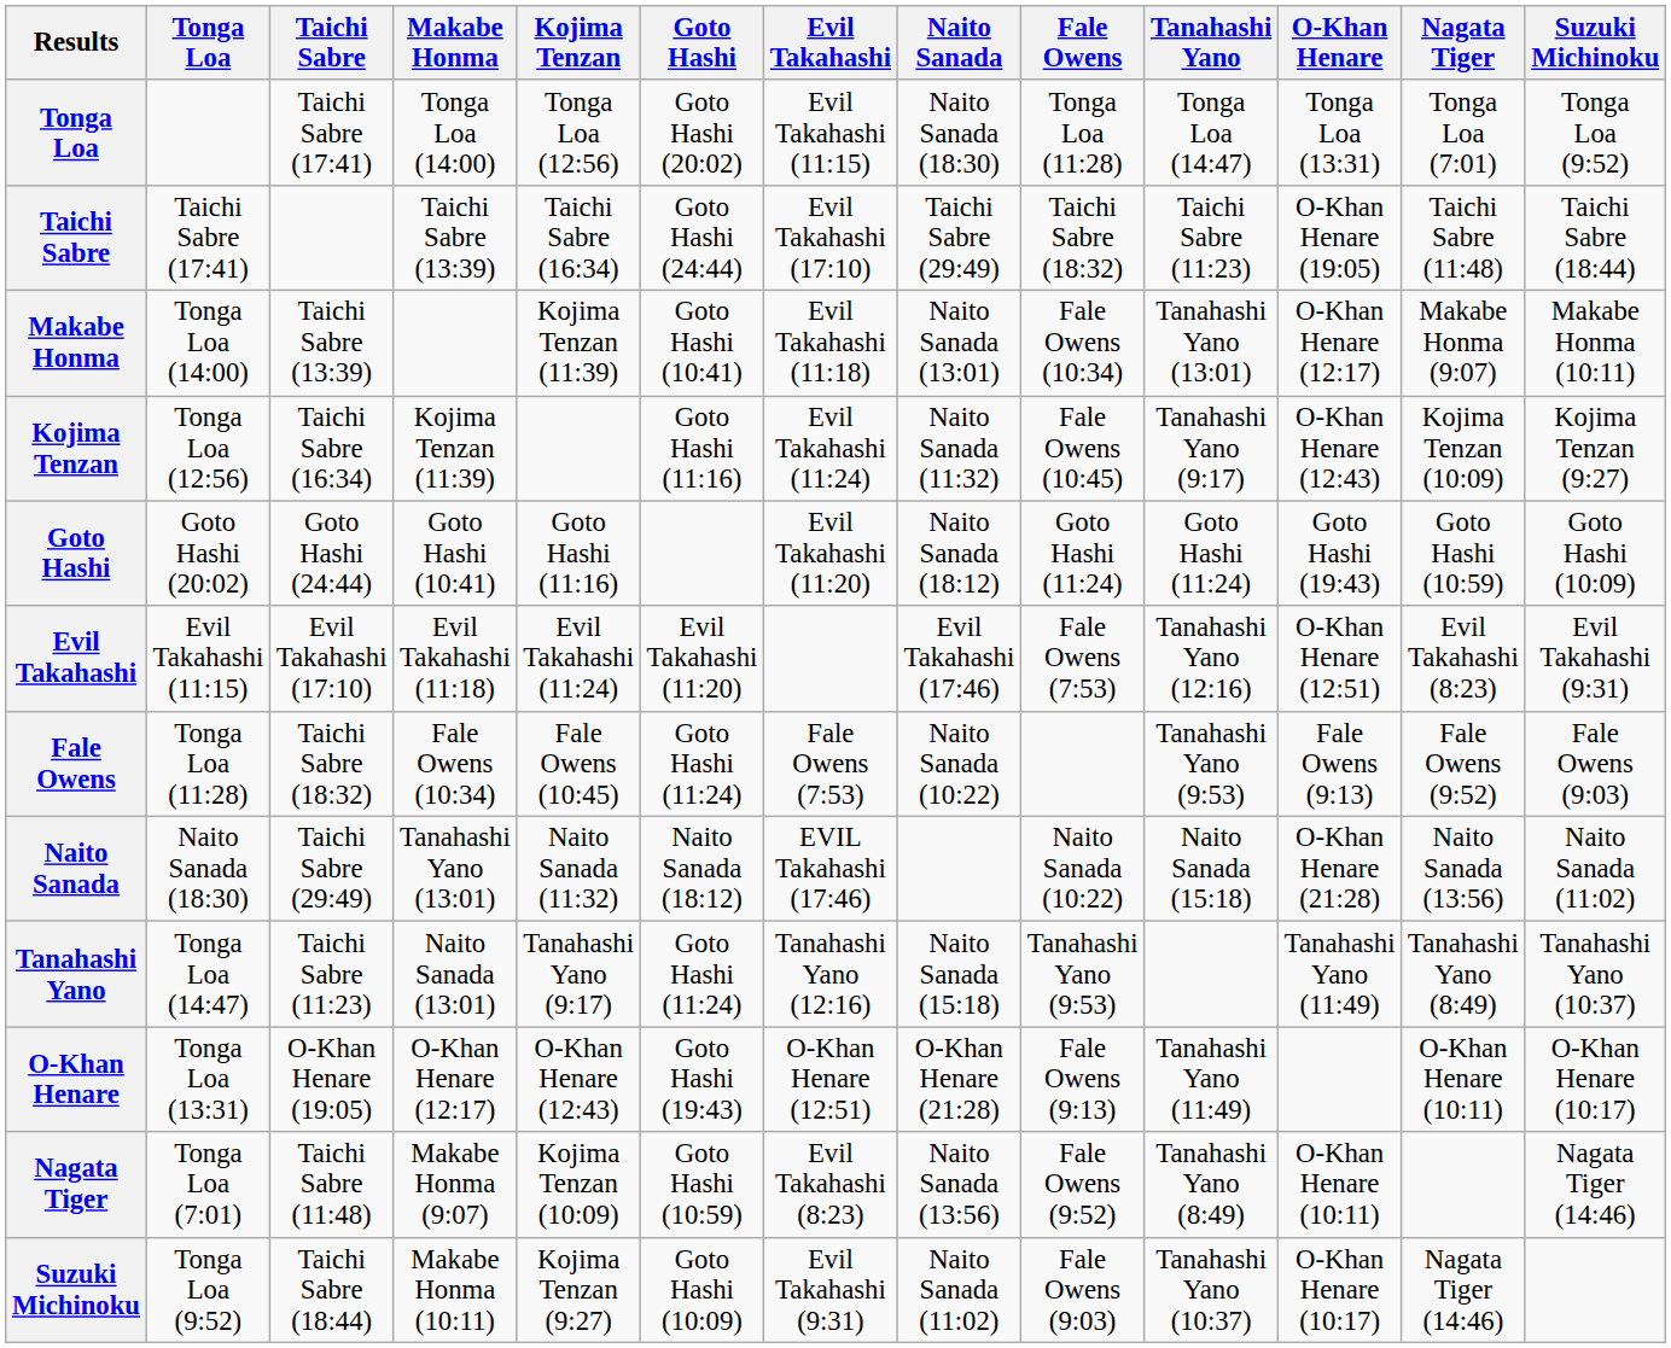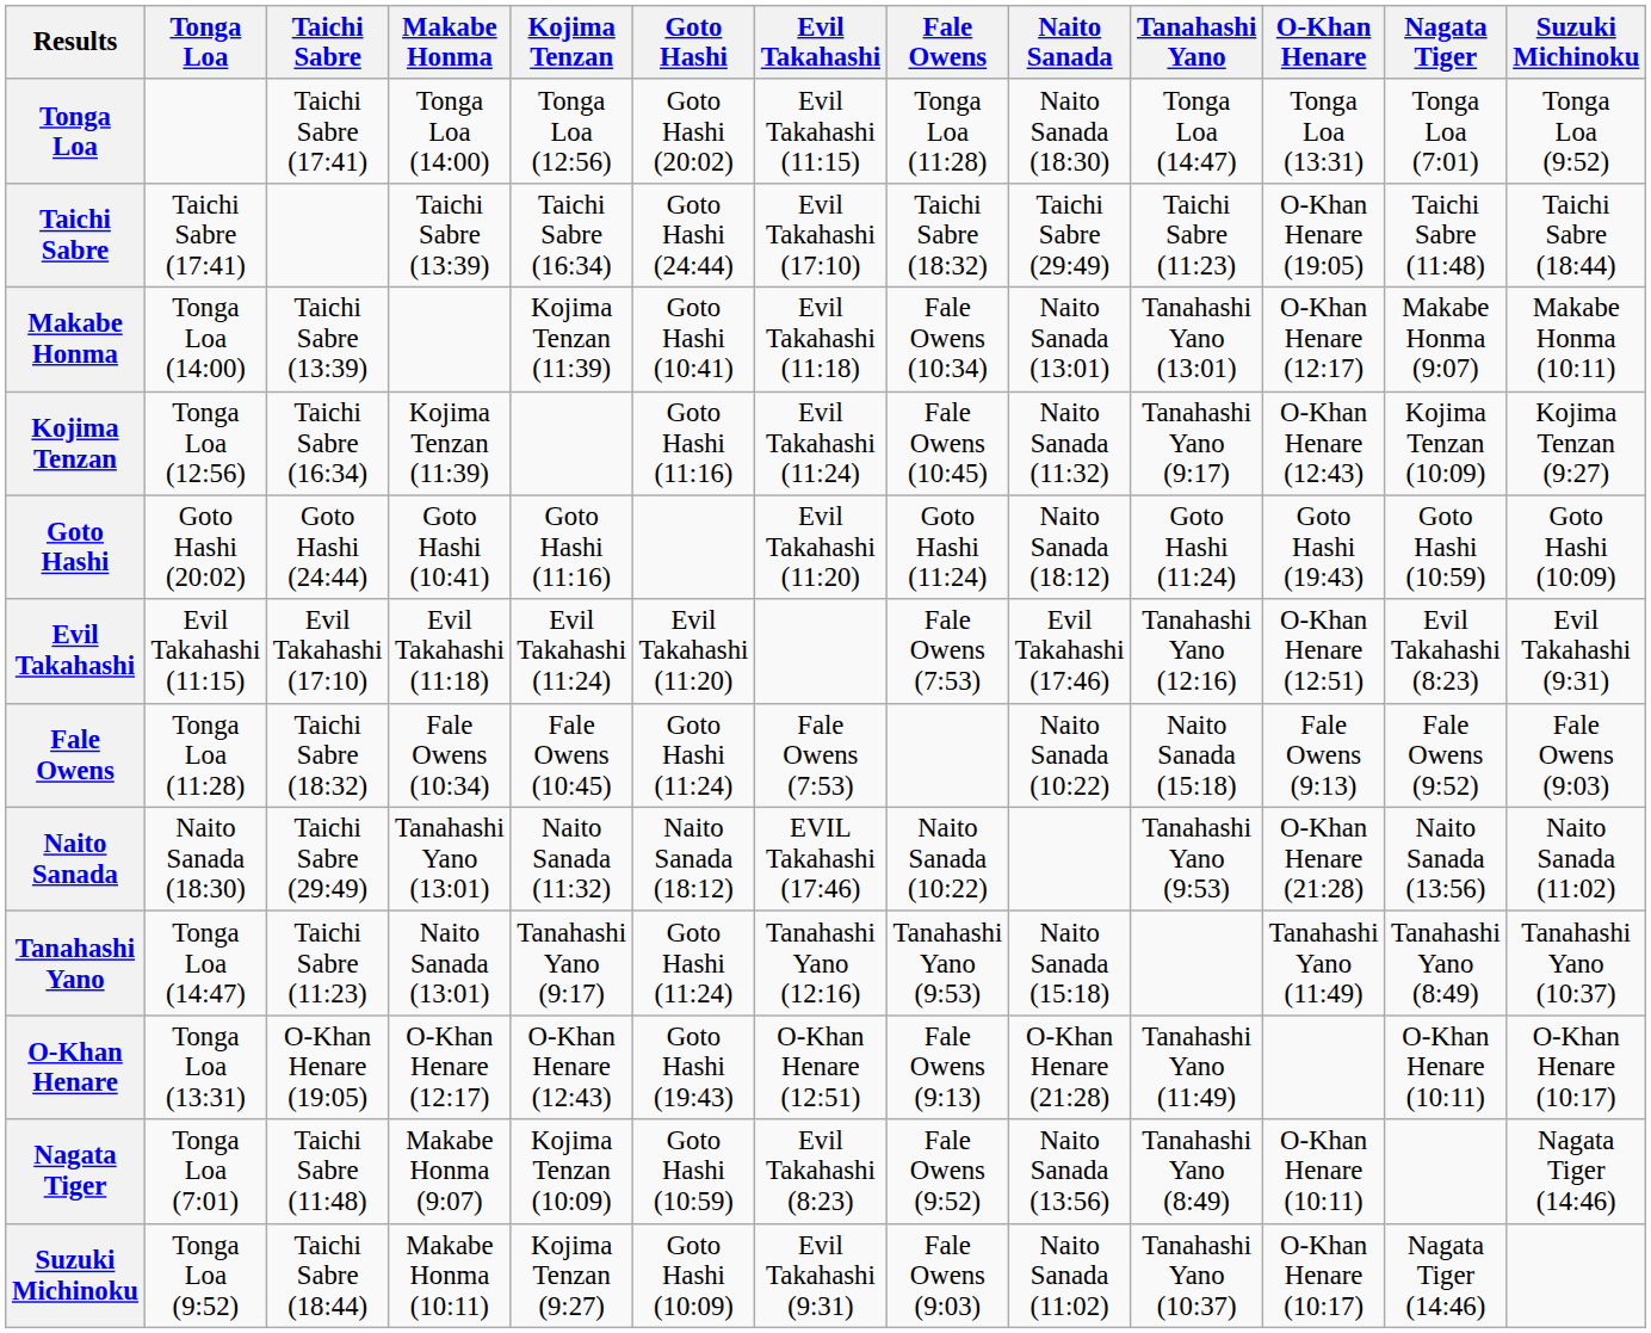 <table class="wikitable" style="text-align:center; margin: 1em auto 1em auto">
 <tr align="center">
 <th>Results</th>
 <th><a href='#'>Tonga</a><br><a href='#'>Loa</a></th>
 <th><a href='#'>Taichi</a><br><a href='#'>Sabre</a></th>
 <th><a href='#'>Makabe</a><br><a href='#'>Honma</a></th>
 <th><a href='#'>Kojima</a><br><a href='#'>Tenzan</a></th>
 <th><a href='#'>Goto</a><br><a href='#'>Hashi</a></th>
 <th><a href='#'>Evil</a><br><a href='#'>Takahashi</a></th>
+<th><a href='#'>Fale</a><br><a href='#'>Owens</a></th>
 <th><a href='#'>Naito</a><br><a href='#'>Sanada</a></th>
-<th><a href='#'>Fale</a><br><a href='#'>Owens</a></th>
 <th><a href='#'>Tanahashi</a><br><a href='#'>Yano</a></th>
 <th><a href='#'>O-Khan</a><br><a href='#'>Henare</a></th>
 <th><a href='#'>Nagata</a><br><a href='#'>Tiger</a></th>
 <th><a href='#'>Suzuki</a><br><a href='#'>Michinoku</a></th>
 </tr>
 <tr align="center">
 <th><a href='#'>Tonga</a><br><a href='#'>Loa</a></th>
 <td></td>
 <td>Taichi<br>Sabre<br>(17:41)</td>
 <td>Tonga<br>Loa<br>(14:00)</td>
 <td>Tonga<br>Loa<br>(12:56)</td>
 <td>Goto<br>Hashi<br>(20:02)</td>
 <td>Evil<br>Takahashi<br>(11:15)</td>
+<td>Tonga<br>Loa<br>(11:28)</td>
 <td>Naito<br>Sanada<br>(18:30)</td>
-<td>Tonga<br>Loa<br>(11:28)</td>
 <td>Tonga<br>Loa<br>(14:47)</td>
 <td>Tonga<br>Loa<br>(13:31)</td>
 <td>Tonga<br>Loa<br>(7:01)</td>
 <td>Tonga<br>Loa<br>(9:52)</td>
 </tr>
 <tr align="center">
 <th><a href='#'>Taichi</a><br><a href='#'>Sabre</a></th>
 <td>Taichi<br>Sabre<br>(17:41)</td>
 <td></td>
 <td>Taichi<br>Sabre<br>(13:39)</td>
 <td>Taichi<br>Sabre<br>(16:34)</td>
 <td>Goto<br>Hashi<br>(24:44)</td>
 <td>Evil<br>Takahashi<br>(17:10)</td>
+<td>Taichi<br>Sabre<br>(18:32)</td>
 <td>Taichi<br>Sabre<br>(29:49)</td>
-<td>Taichi<br>Sabre<br>(18:32)</td>
 <td>Taichi<br>Sabre<br>(11:23)</td>
 <td>O-Khan<br>Henare<br>(19:05)</td>
 <td>Taichi<br>Sabre<br>(11:48)</td>
 <td>Taichi<br>Sabre<br>(18:44)</td>
 </tr>
 <tr align="center">
 <th><a href='#'>Makabe</a><br><a href='#'>Honma</a></th>
 <td>Tonga<br>Loa<br>(14:00)</td>
 <td>Taichi<br>Sabre<br>(13:39)</td>
 <td></td>
 <td>Kojima<br>Tenzan<br>(11:39)</td>
 <td>Goto<br>Hashi<br>(10:41)</td>
 <td>Evil<br>Takahashi<br>(11:18)</td>
+<td>Fale<br>Owens<br>(10:34)</td>
 <td>Naito<br>Sanada<br>(13:01)</td>
-<td>Fale<br>Owens<br>(10:34)</td>
 <td>Tanahashi<br>Yano<br>(13:01)</td>
 <td>O-Khan<br>Henare<br>(12:17)</td>
 <td>Makabe<br>Honma<br>(9:07)</td>
 <td>Makabe<br>Honma<br>(10:11)</td>
 </tr>
 <tr align="center">
 <th><a href='#'>Kojima</a><br><a href='#'>Tenzan</a></th>
 <td>Tonga<br>Loa<br>(12:56)</td>
 <td>Taichi<br>Sabre<br>(16:34)</td>
 <td>Kojima<br>Tenzan<br>(11:39)</td>
 <td></td>
 <td>Goto<br>Hashi<br>(11:16)</td>
 <td>Evil<br>Takahashi<br>(11:24)</td>
+<td>Fale<br>Owens<br>(10:45)</td>
 <td>Naito<br>Sanada<br>(11:32)</td>
-<td>Fale<br>Owens<br>(10:45)</td>
 <td>Tanahashi<br>Yano<br>(9:17)</td>
 <td>O-Khan<br>Henare<br>(12:43)</td>
 <td>Kojima<br>Tenzan<br>(10:09)</td>
 <td>Kojima<br>Tenzan<br>(9:27)</td>
 </tr>
 <tr align="center">
 <th><a href='#'>Goto</a><br><a href='#'>Hashi</a></th>
 <td>Goto<br>Hashi<br>(20:02)</td>
 <td>Goto<br>Hashi<br>(24:44)</td>
 <td>Goto<br>Hashi<br>(10:41)</td>
 <td>Goto<br>Hashi<br>(11:16)</td>
 <td></td>
 <td>Evil<br>Takahashi<br>(11:20)</td>
+<td>Goto<br>Hashi<br>(11:24)</td>
 <td>Naito<br>Sanada<br>(18:12)</td>
-<td>Goto<br>Hashi<br>(11:24)</td>
 <td>Goto<br>Hashi<br>(11:24)</td>
 <td>Goto<br>Hashi<br>(19:43)</td>
 <td>Goto<br>Hashi<br>(10:59)</td>
 <td>Goto<br>Hashi<br>(10:09)</td>
 </tr>
 <tr align="center">
 <th><a href='#'>Evil</a><br><a href='#'>Takahashi</a></th>
 <td>Evil<br>Takahashi<br>(11:15)</td>
 <td>Evil<br>Takahashi<br>(17:10)</td>
 <td>Evil<br>Takahashi<br>(11:18)</td>
 <td>Evil<br>Takahashi<br>(11:24)</td>
 <td>Evil<br>Takahashi<br>(11:20)</td>
 <td></td>
+<td>Fale<br>Owens<br>(7:53)</td>
 <td>Evil<br>Takahashi<br>(17:46)</td>
-<td>Fale<br>Owens<br>(7:53)</td>
 <td>Tanahashi<br>Yano<br>(12:16)</td>
 <td>O-Khan<br>Henare<br>(12:51)</td>
 <td>Evil<br>Takahashi<br>(8:23)</td>
 <td>Evil<br>Takahashi<br>(9:31)</td>
 </tr>
 <tr align="center">
 <th><a href='#'>Fale</a><br><a href='#'>Owens</a></th>
 <td>Tonga<br>Loa<br>(11:28)</td>
 <td>Taichi<br>Sabre<br>(18:32)</td>
 <td>Fale<br>Owens<br>(10:34)</td>
 <td>Fale<br>Owens<br>(10:45)</td>
 <td>Goto<br>Hashi<br>(11:24)</td>
 <td>Fale<br>Owens<br>(7:53)</td>
+<td></td>
 <td>Naito<br>Sanada<br>(10:22)</td>
-<td></td>
-<td>Tanahashi<br>Yano<br>(9:53)</td>
+<td>Naito<br>Sanada<br>(15:18)</td>
 <td>Fale<br>Owens<br>(9:13)</td>
 <td>Fale<br>Owens<br>(9:52)</td>
 <td>Fale<br>Owens<br>(9:03)</td>
 </tr>
 <tr align="center">
 <th><a href='#'>Naito</a><br><a href='#'>Sanada</a></th>
 <td>Naito<br>Sanada<br>(18:30)</td>
 <td>Taichi<br>Sabre<br>(29:49)</td>
 <td>Tanahashi<br>Yano<br>(13:01)</td>
 <td>Naito<br>Sanada<br>(11:32)</td>
 <td>Naito<br>Sanada<br>(18:12)</td>
 <td>EVIL<br>Takahashi<br>(17:46)</td>
+<td>Naito<br>Sanada<br>(10:22)</td>
 <td></td>
-<td>Naito<br>Sanada<br>(10:22)</td>
-<td>Naito<br>Sanada<br>(15:18)</td>
+<td>Tanahashi<br>Yano<br>(9:53)</td>
 <td>O-Khan<br>Henare<br>(21:28)</td>
 <td>Naito<br>Sanada<br>(13:56)</td>
 <td>Naito<br>Sanada<br>(11:02)</td>
 </tr>
 <tr align="center">
 <th><a href='#'>Tanahashi</a><br><a href='#'>Yano</a></th>
 <td>Tonga<br>Loa<br>(14:47)</td>
 <td>Taichi<br>Sabre<br>(11:23)</td>
 <td>Naito<br>Sanada<br>(13:01)</td>
 <td>Tanahashi<br>Yano<br>(9:17)</td>
 <td>Goto<br>Hashi<br>(11:24)</td>
 <td>Tanahashi<br>Yano<br>(12:16)</td>
+<td>Tanahashi<br>Yano<br>(9:53)</td>
 <td>Naito<br>Sanada<br>(15:18)</td>
-<td>Tanahashi<br>Yano<br>(9:53)</td>
 <td></td>
 <td>Tanahashi<br>Yano<br>(11:49)</td>
 <td>Tanahashi<br>Yano<br>(8:49)</td>
 <td>Tanahashi<br>Yano<br>(10:37)</td>
 </tr>
 <tr align="center">
 <th><a href='#'>O-Khan</a><br><a href='#'>Henare</a></th>
 <td>Tonga<br>Loa<br>(13:31)</td>
 <td>O-Khan<br>Henare<br>(19:05)</td>
 <td>O-Khan<br>Henare<br>(12:17)</td>
 <td>O-Khan<br>Henare<br>(12:43)</td>
 <td>Goto<br>Hashi<br>(19:43)</td>
 <td>O-Khan<br>Henare<br>(12:51)</td>
+<td>Fale<br>Owens<br>(9:13)</td>
 <td>O-Khan<br>Henare<br>(21:28)</td>
-<td>Fale<br>Owens<br>(9:13)</td>
 <td>Tanahashi<br>Yano<br>(11:49)</td>
 <td></td>
 <td>O-Khan<br>Henare<br>(10:11)</td>
 <td>O-Khan<br>Henare<br>(10:17)</td>
 </tr>
 <tr align="center">
 <th><a href='#'>Nagata</a><br><a href='#'>Tiger</a></th>
 <td>Tonga<br>Loa<br>(7:01)</td>
 <td>Taichi<br>Sabre<br>(11:48)</td>
 <td>Makabe<br>Honma<br>(9:07)</td>
 <td>Kojima<br>Tenzan<br>(10:09)</td>
 <td>Goto<br>Hashi<br>(10:59)</td>
 <td>Evil<br>Takahashi<br>(8:23)</td>
+<td>Fale<br>Owens<br>(9:52)</td>
 <td>Naito<br>Sanada<br>(13:56)</td>
-<td>Fale<br>Owens<br>(9:52)</td>
 <td>Tanahashi<br>Yano<br>(8:49)</td>
 <td>O-Khan<br>Henare<br>(10:11)</td>
 <td></td>
 <td>Nagata<br>Tiger<br>(14:46)</td>
 </tr>
 <tr align="center">
 <th><a href='#'>Suzuki</a><br><a href='#'>Michinoku</a></th>
 <td>Tonga<br>Loa<br>(9:52)</td>
 <td>Taichi<br>Sabre<br>(18:44)</td>
 <td>Makabe<br>Honma<br>(10:11)</td>
 <td>Kojima<br>Tenzan<br>(9:27)</td>
 <td>Goto<br>Hashi<br>(10:09)</td>
 <td>Evil<br>Takahashi<br>(9:31)</td>
+<td>Fale<br>Owens<br>(9:03)</td>
 <td>Naito<br>Sanada<br>(11:02)</td>
-<td>Fale<br>Owens<br>(9:03)</td>
 <td>Tanahashi<br>Yano<br>(10:37)</td>
 <td>O-Khan<br>Henare<br>(10:17)</td>
 <td>Nagata<br>Tiger<br>(14:46)</td>
 <td></td>
 </tr>
 </table>
